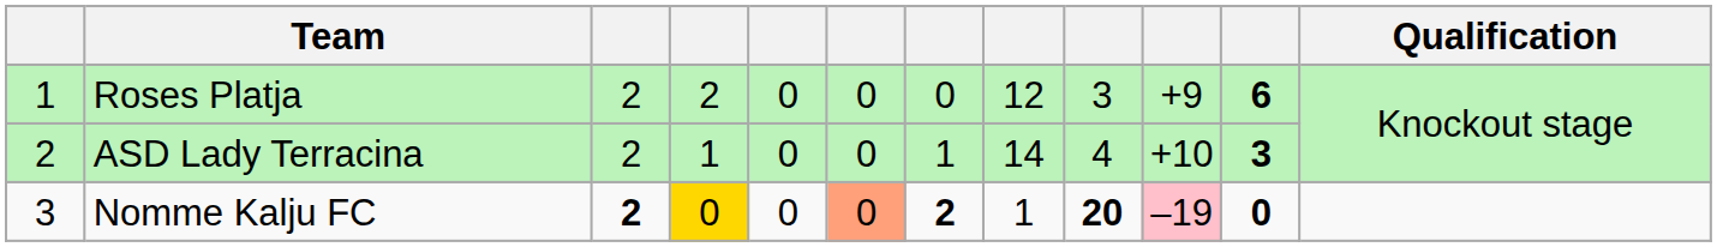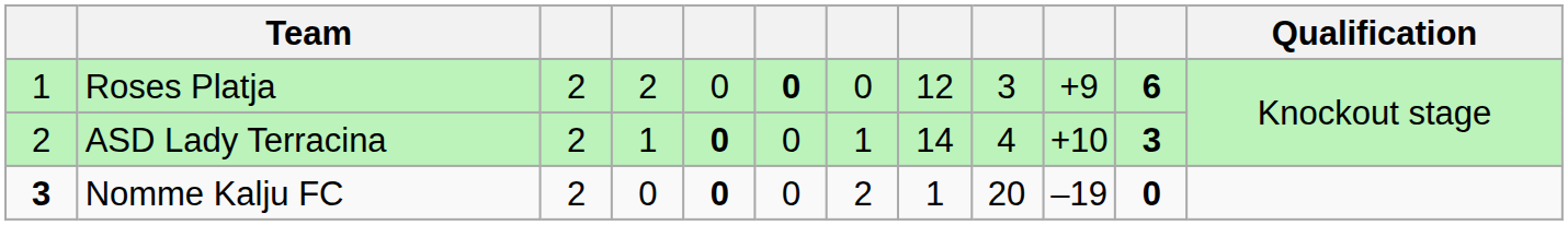 <table class="wikitable" style="font-size: 95%">
 <tr>
 <th width="25"></th>
 <th width="200">Team</th>
 <th width="25"></th>
 <th width="25"></th>
 <th width="25"></th>
 <th width="25"></th>
 <th width="25"></th>
 <th width="25"></th>
 <th width="25"></th>
 <th width="25"></th>
 <th width="25"></th>
 <th width="160">Qualification</th>
 </tr>
 <tr align=center bgcolor=#bbf3bb>
 <td>1</td>
 <td align=left> Roses Platja</td>
 <td>2</td>
 <td>2</td>
 <td>0</td>
-<td>0</td>
+<td><strong>0</strong></td>
 <td>0</td>
 <td>12</td>
 <td>3</td>
 <td>+9</td>
 <td><strong>6</strong></td>
 <td rowspan=2>Knockout stage</td>
 </tr>
 <tr align=center bgcolor=#bbf3bb>
 <td>2</td>
 <td align=left> ASD Lady Terracina</td>
 <td>2</td>
 <td>1</td>
-<td>0</td>
+<td><strong>0</strong></td>
 <td>0</td>
 <td>1</td>
 <td>14</td>
 <td>4</td>
 <td>+10</td>
 <td><strong>3</strong></td>
 </tr>
 <tr align=center>
-<td>3</td>
+<td><strong>3</strong></td>
 <td align=left> Nomme Kalju FC</td>
-<td><strong>2</strong></td>
-<td style="background: gold;">0</td>
+<td>2</td>
 <td>0</td>
-<td style="background: lightsalmon;">0</td>
-<td><strong>2</strong></td>
+<td><strong>0</strong></td>
+<td>0</td>
+<td>2</td>
 <td>1</td>
-<td><strong>20</strong></td>
-<td style="background: pink;">–19</td>
+<td>20</td>
+<td>–19</td>
 <td><strong>0</strong></td>
 <td></td>
 </tr>
 </table>
